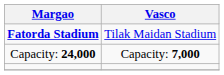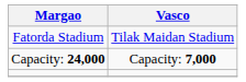 <table class="wikitable" style="margin:1em auto; text-align:center">
 <tr>
 <th><a href='#'>Margao</a></th>
 <th><a href='#'>Vasco</a></th>
 </tr>
 <tr>
-<td><strong><a href='#'>Fatorda Stadium</a></strong></td>
+<td><a href='#'>Fatorda Stadium</a></td>
 <td><a href='#'>Tilak Maidan Stadium</a></td>
 </tr>
 <tr>
 <td>Capacity: <strong>24,000</strong></td>
 <td>Capacity: <strong>7,000</strong></td>
 </tr>
 <tr>
 <td></td>
 <td></td>
 </tr>
 <tr>
 </tr>
 </table>
